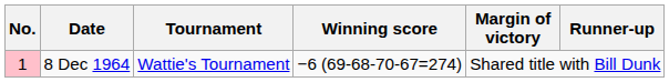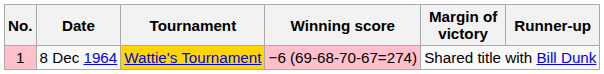 <table class="wikitable" style="font-size:95%;">
 <tr>
 <th>No.</th>
 <th>Date</th>
 <th>Tournament</th>
 <th>Winning score</th>
 <th>Margin of<br>victory</th>
 <th>Runner-up</th>
 </tr>
 <tr>
 <td align=center style="background: pink;">1</td>
 <td align=right>8 Dec <a href='#'>1964</a></td>
-<td><a href='#'>Wattie's Tournament</a></td>
-<td>−6 (69-68-70-67=274)</td>
+<td style="background: gold;"><a href='#'>Wattie's Tournament</a></td>
+<td style="background: pink;">−6 (69-68-70-67=274)</td>
 <td colspan=2>Shared title with  <a href='#'>Bill Dunk</a></td>
 </tr>
 </table>
